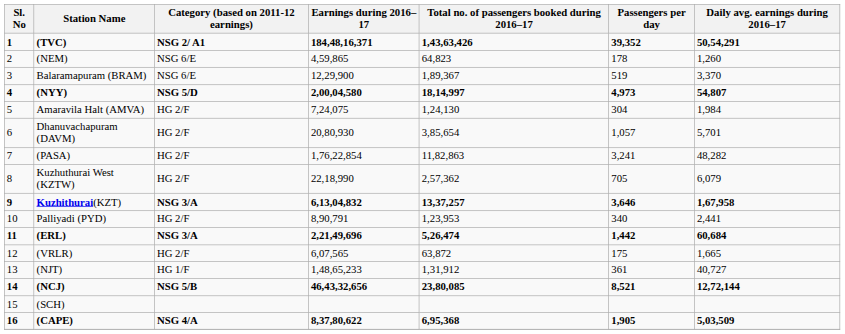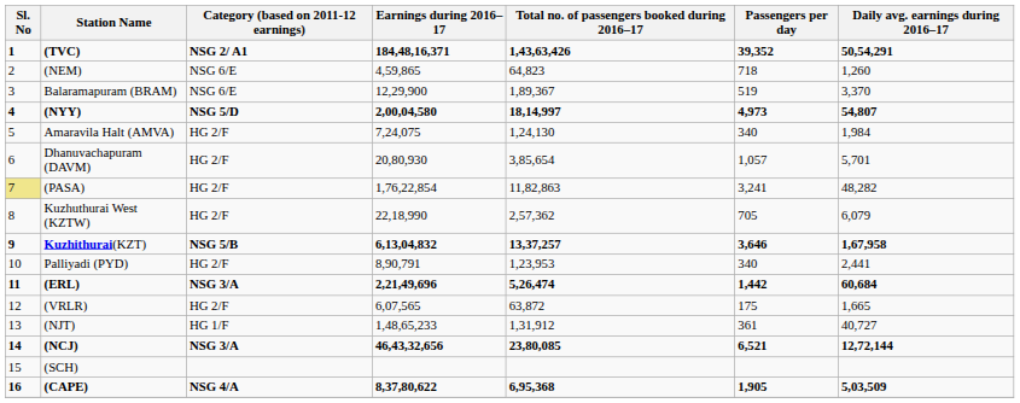 <table class="wikitable sortable" style="width:250;">
 <tr>
 <th>Sl. No</th>
 <th>Station Name</th>
 <th>Category (based on 2011-12 earnings)</th>
 <th>Earnings during 2016–17</th>
 <th>Total no. of passengers booked during 2016–17</th>
 <th>Passengers per day</th>
 <th>Daily avg. earnings during 2016–17</th>
 </tr>
 <tr>
 <td><strong>1</strong></td>
 <td><strong> (TVC)</strong></td>
 <td><strong>NSG 2/ A1</strong></td>
 <td><strong>184,48,16,371</strong></td>
 <td><strong>1,43,63,426</strong></td>
 <td><strong>39,352</strong></td>
 <td><strong>50,54,291</strong></td>
 </tr>
 <tr>
 <td>2</td>
 <td> (NEM)</td>
 <td>NSG 6/E</td>
 <td>4,59,865</td>
 <td>64,823</td>
-<td>178</td>
+<td>718</td>
 <td>1,260</td>
 </tr>
 <tr>
 <td>3</td>
 <td>Balaramapuram (BRAM)</td>
 <td>NSG 6/E</td>
 <td>12,29,900</td>
 <td>1,89,367</td>
 <td>519</td>
 <td>3,370</td>
 </tr>
 <tr>
 <td><strong>4</strong></td>
 <td><strong> (NYY)</strong></td>
 <td><strong>NSG 5/D</strong></td>
 <td><strong>2,00,04,580</strong></td>
 <td><strong>18,14,997</strong></td>
 <td><strong>4,973</strong></td>
 <td><strong>54,807</strong></td>
 </tr>
 <tr>
 <td>5</td>
 <td>Amaravila Halt (AMVA)</td>
 <td>HG 2/F</td>
 <td>7,24,075</td>
 <td>1,24,130</td>
-<td>304</td>
+<td>340</td>
 <td>1,984</td>
 </tr>
 <tr>
 <td>6</td>
 <td>Dhanuvachapuram (DAVM)</td>
 <td>HG 2/F</td>
 <td>20,80,930</td>
 <td>3,85,654</td>
 <td>1,057</td>
 <td>5,701</td>
 </tr>
 <tr>
-<td>7</td>
+<td style="background: khaki;">7</td>
 <td> (PASA)</td>
 <td>HG 2/F</td>
 <td>1,76,22,854</td>
 <td>11,82,863</td>
 <td>3,241</td>
 <td>48,282</td>
 </tr>
 <tr>
 <td>8</td>
 <td>Kuzhuthurai West (KZTW)</td>
 <td>HG 2/F</td>
 <td>22,18,990</td>
 <td>2,57,362</td>
 <td>705</td>
 <td>6,079</td>
 </tr>
 <tr>
 <td><strong>9</strong></td>
 <td><strong><a href='#'>Kuzhithurai</a></strong>(KZT)</td>
-<td><strong>NSG 3/A</strong></td>
+<td><strong>NSG 5/B</strong></td>
 <td><strong>6,13,04,832</strong></td>
 <td><strong>13,37,257</strong></td>
 <td><strong>3,646</strong></td>
 <td><strong>1,67,958</strong></td>
 </tr>
 <tr>
 <td>10</td>
 <td>Palliyadi (PYD)</td>
 <td>HG 2/F</td>
 <td>8,90,791</td>
 <td>1,23,953</td>
 <td>340</td>
 <td>2,441</td>
 </tr>
 <tr>
 <td><strong>11</strong></td>
 <td><strong> (ERL)</strong></td>
 <td><strong>NSG 3/A</strong></td>
 <td><strong>2,21,49,696</strong></td>
 <td><strong>5,26,474</strong></td>
 <td><strong>1,442</strong></td>
 <td><strong>60,684</strong></td>
 </tr>
 <tr>
 <td>12</td>
 <td> (VRLR)</td>
 <td>HG 2/F</td>
 <td>6,07,565</td>
 <td>63,872</td>
 <td>175</td>
 <td>1,665</td>
 </tr>
 <tr>
 <td>13</td>
 <td> (NJT)</td>
 <td>HG 1/F</td>
 <td>1,48,65,233</td>
 <td>1,31,912</td>
 <td>361</td>
 <td>40,727</td>
 </tr>
 <tr>
 <td><strong>14</strong></td>
 <td><strong> (NCJ)</strong></td>
-<td><strong>NSG 5/B</strong></td>
+<td><strong>NSG 3/A</strong></td>
 <td><strong>46,43,32,656</strong></td>
 <td><strong>23,80,085</strong></td>
-<td><strong>8,521</strong></td>
+<td><strong>6,521</strong></td>
 <td><strong>12,72,144</strong></td>
 </tr>
 <tr>
 <td>15</td>
 <td> (SCH)</td>
 <td></td>
 <td></td>
 <td></td>
 <td></td>
 <td></td>
 </tr>
 <tr>
 <td><strong>16</strong></td>
 <td><strong> (CAPE)</strong></td>
 <td><strong>NSG 4/A</strong></td>
 <td><strong>8,37,80,622</strong></td>
 <td><strong>6,95,368</strong></td>
 <td><strong>1,905</strong></td>
 <td><strong>5,03,509</strong></td>
 </tr>
 <tr>
 </tr>
 </table>
